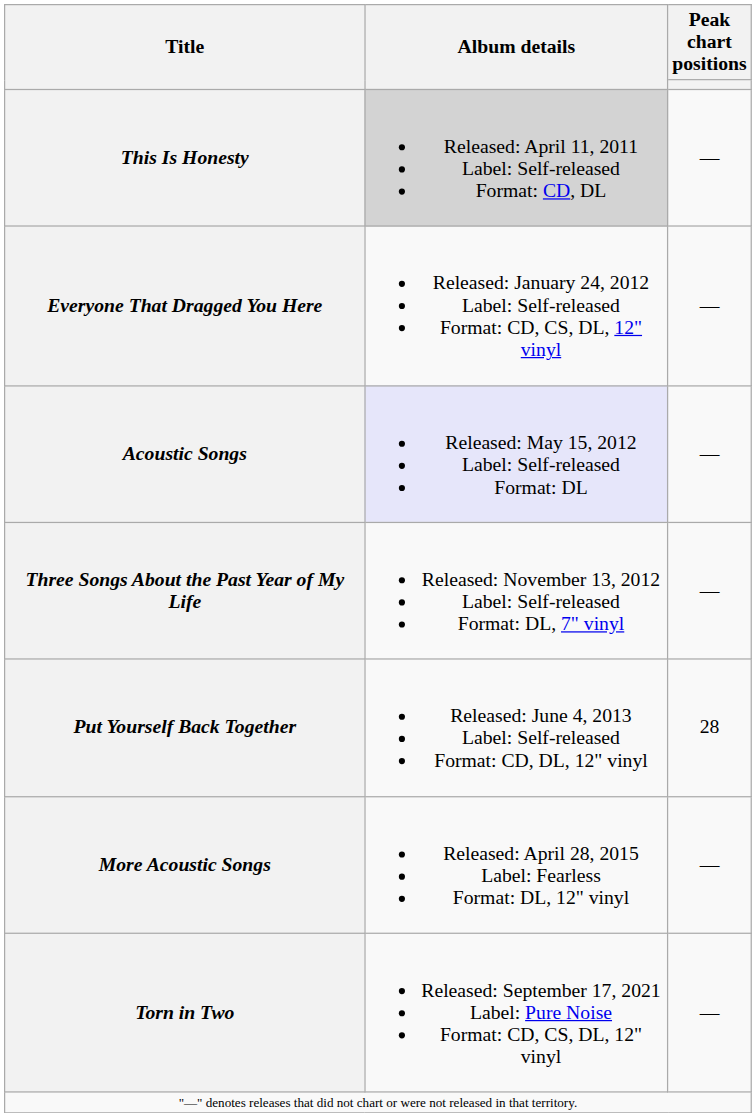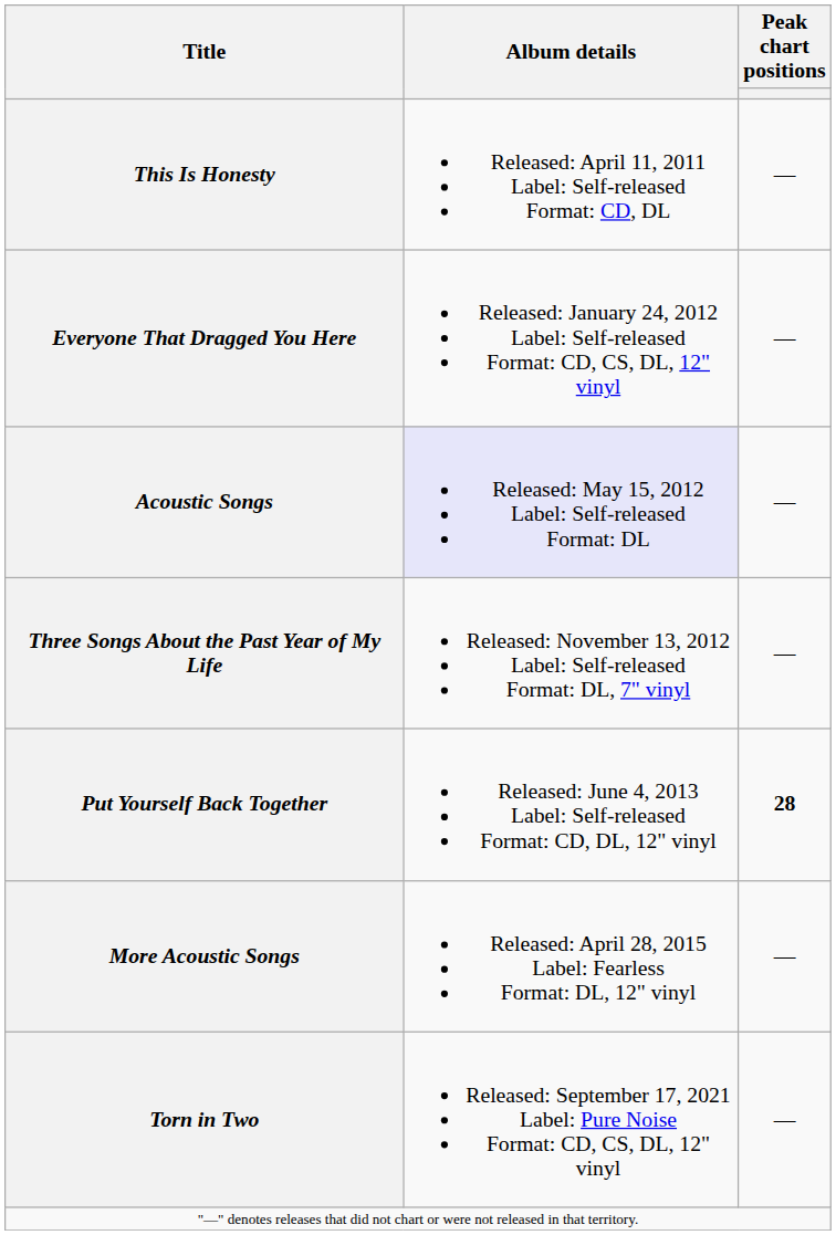 <table class="wikitable plainrowheaders" style="text-align:center;">
 <tr>
 <th scope="col" rowspan="2">Title</th>
 <th scope="col" rowspan="2">Album details</th>
 <th scope="col" colspan="1">Peak chart<br>positions</th>
 </tr>
 <tr>
 <th style="width:30px;"></th>
 </tr>
 <tr>
 <th scope="row"><em>This Is Honesty</em></th>
-<td style="background: lightgrey;"><br><ul><li>Released: April 11, 2011</li><li>Label: Self-released</li><li>Format: <a href='#'>CD</a>, DL</li></ul></td>
+<td><br><ul><li>Released: April 11, 2011</li><li>Label: Self-released</li><li>Format: <a href='#'>CD</a>, DL</li></ul></td>
 <td>—</td>
 </tr>
 <tr>
 <th scope="row"><em>Everyone That Dragged You Here</em></th>
 <td><br><ul><li>Released: January 24, 2012</li><li>Label: Self-released</li><li>Format: CD, CS, DL, <a href='#'>12" vinyl</a></li></ul></td>
 <td>—</td>
 </tr>
 <tr>
 <th scope="row"><em>Acoustic Songs</em></th>
 <td style="background: lavender;"><br><ul><li>Released: May 15, 2012</li><li>Label: Self-released</li><li>Format: DL</li></ul></td>
 <td>—</td>
 </tr>
 <tr>
 <th scope="row"><em>Three Songs About the Past Year of My Life</em></th>
 <td><br><ul><li>Released: November 13, 2012</li><li>Label: Self-released</li><li>Format: DL, <a href='#'>7" vinyl</a></li></ul></td>
 <td>—</td>
 </tr>
 <tr>
 <th scope="row"><em>Put Yourself Back Together</em></th>
 <td><br><ul><li>Released: June 4, 2013</li><li>Label: Self-released</li><li>Format: CD, DL, 12" vinyl</li></ul></td>
-<td>28</td>
+<td><strong>28</strong></td>
 </tr>
 <tr>
 <th scope="row"><em>More Acoustic Songs</em></th>
 <td><br><ul><li>Released: April 28, 2015</li><li>Label: Fearless </li><li>Format: DL, 12" vinyl</li></ul></td>
 <td>—</td>
 </tr>
 <tr>
 <th scope="row"><em>Torn in Two</em></th>
 <td><br><ul><li>Released: September 17, 2021</li><li>Label: <a href='#'>Pure Noise</a></li><li>Format: CD, CS, DL, 12" vinyl</li></ul></td>
 <td>—</td>
 </tr>
 <tr>
 <td align="center" colspan="13" style="font-size: 8pt">"—" denotes releases that did not chart or were not released in that territory.</td>
 </tr>
 </table>
